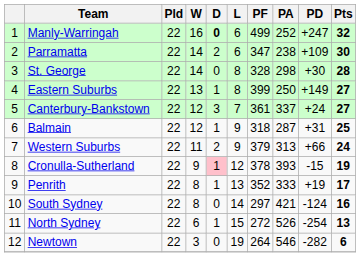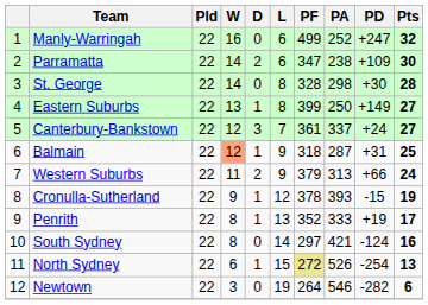 <table class="wikitable" style="text-align:center;">
 <tr>
 <th width=20 abbr="Position×"></th>
 <th width=175>Team</th>
 <th width=20 abbr="Played">Pld</th>
 <th width=20 abbr="Won">W</th>
 <th width=20 abbr="Drawn">D</th>
 <th width=20 abbr="Lost">L</th>
 <th width=20 abbr="Points for">PF</th>
 <th width=20 abbr="Points against">PA</th>
 <th width=20 abbr="Points difference">PD</th>
 <th width=20 abbr="Points">Pts</th>
 </tr>
 <tr style="background: #ccffcc;">
 <td>1</td>
 <td style="text-align:left;"> <a href='#'>Manly-Warringah</a></td>
 <td>22</td>
 <td>16</td>
-<td><strong>0</strong></td>
+<td>0</td>
 <td>6</td>
 <td>499</td>
 <td>252</td>
 <td>+247</td>
 <td><strong>32</strong></td>
 </tr>
 <tr style="background: #ccffcc;">
 <td>2</td>
 <td style="text-align:left;"> <a href='#'>Parramatta</a></td>
 <td>22</td>
 <td>14</td>
 <td>2</td>
 <td>6</td>
 <td>347</td>
 <td>238</td>
 <td>+109</td>
 <td><strong>30</strong></td>
 </tr>
 <tr style="background: #ccffcc;">
 <td>3</td>
 <td style="text-align:left;"> <a href='#'>St. George</a></td>
 <td>22</td>
 <td>14</td>
 <td>0</td>
 <td>8</td>
 <td>328</td>
 <td>298</td>
 <td>+30</td>
 <td><strong>28</strong></td>
 </tr>
 <tr style="background: #ccffcc;">
 <td>4</td>
 <td style="text-align:left;"> <a href='#'>Eastern Suburbs</a></td>
 <td>22</td>
 <td>13</td>
 <td>1</td>
 <td>8</td>
 <td>399</td>
 <td>250</td>
 <td>+149</td>
 <td><strong>27</strong></td>
 </tr>
 <tr style="background: #ccffcc;">
 <td>5</td>
 <td style="text-align:left;"> <a href='#'>Canterbury-Bankstown</a></td>
 <td>22</td>
 <td>12</td>
 <td>3</td>
 <td>7</td>
 <td>361</td>
 <td>337</td>
 <td>+24</td>
 <td><strong>27</strong></td>
 </tr>
 <tr>
 <td>6</td>
 <td style="text-align:left;"> <a href='#'>Balmain</a></td>
 <td>22</td>
-<td>12</td>
+<td style="background: lightsalmon;">12</td>
 <td>1</td>
 <td>9</td>
 <td>318</td>
 <td>287</td>
 <td>+31</td>
 <td><strong>25</strong></td>
 </tr>
 <tr>
 <td>7</td>
 <td style="text-align:left;"> <a href='#'>Western Suburbs</a></td>
 <td>22</td>
 <td>11</td>
 <td>2</td>
 <td>9</td>
 <td>379</td>
 <td>313</td>
 <td>+66</td>
 <td><strong>24</strong></td>
 </tr>
 <tr>
 <td>8</td>
 <td style="text-align:left;"> <a href='#'>Cronulla-Sutherland</a></td>
 <td>22</td>
 <td>9</td>
-<td style="background: pink;">1</td>
+<td>1</td>
 <td>12</td>
 <td>378</td>
 <td>393</td>
 <td>-15</td>
 <td><strong>19</strong></td>
 </tr>
 <tr>
 <td>9</td>
 <td style="text-align:left;"> <a href='#'>Penrith</a></td>
 <td>22</td>
 <td>8</td>
 <td>1</td>
 <td>13</td>
 <td>352</td>
 <td>333</td>
 <td>+19</td>
 <td><strong>17</strong></td>
 </tr>
 <tr>
 <td>10</td>
 <td style="text-align:left;"> <a href='#'>South Sydney</a></td>
 <td>22</td>
 <td>8</td>
 <td>0</td>
 <td>14</td>
 <td>297</td>
 <td>421</td>
 <td>-124</td>
 <td><strong>16</strong></td>
 </tr>
 <tr>
 <td>11</td>
 <td style="text-align:left;"> <a href='#'>North Sydney</a></td>
 <td>22</td>
 <td>6</td>
 <td>1</td>
 <td>15</td>
-<td>272</td>
+<td style="background: khaki;">272</td>
 <td>526</td>
 <td>-254</td>
 <td><strong>13</strong></td>
 </tr>
 <tr>
 <td>12</td>
 <td style="text-align:left;"> <a href='#'>Newtown</a></td>
 <td>22</td>
 <td>3</td>
 <td>0</td>
 <td>19</td>
 <td>264</td>
 <td>546</td>
 <td>-282</td>
 <td><strong>6</strong></td>
 </tr>
 <tr>
 </tr>
 </table>
